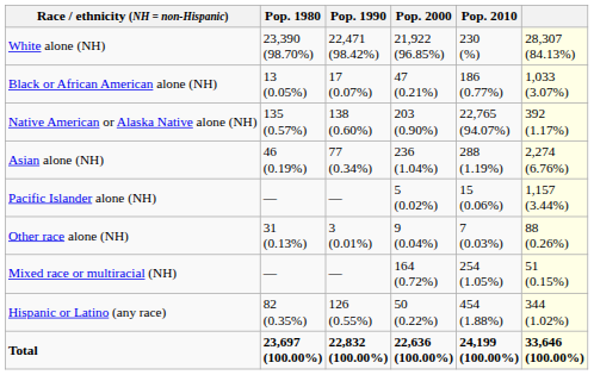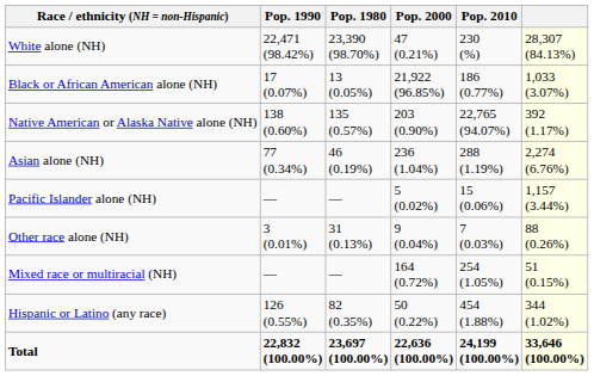 <table class="wikitable sortable collapsible" style="font-size: 95%;">
 <tr>
 <th>Race / ethnicity <small>(<em>NH = non-Hispanic</em>)</small></th>
+<th>Pop. 1990</th>
 <th>Pop. 1980</th>
-<th>Pop. 1990</th>
 <th>Pop. 2000</th>
 <th>Pop. 2010</th>
 <th></th>
 </tr>
 <tr>
 <td><a href='#'>White</a> alone (NH)</td>
+<td>22,471<br>(98.42%)</td>
 <td>23,390<br>(98.70%)</td>
-<td>22,471<br>(98.42%)</td>
-<td>21,922<br>(96.85%)</td>
+<td>47<br>(0.21%)</td>
 <td>230<br>(%)</td>
 <td style='background: #ffffe6;'>28,307<br>(84.13%)</td>
 </tr>
 <tr>
 <td><a href='#'>Black or African American</a> alone (NH)</td>
+<td>17<br>(0.07%)</td>
 <td>13<br>(0.05%)</td>
-<td>17<br>(0.07%)</td>
-<td>47<br>(0.21%)</td>
+<td>21,922<br>(96.85%)</td>
 <td>186<br>(0.77%)</td>
 <td style='background: #ffffe6;'>1,033<br>(3.07%)</td>
 </tr>
 <tr>
 <td><a href='#'>Native American</a> or <a href='#'>Alaska Native</a> alone (NH)</td>
+<td>138<br>(0.60%)</td>
 <td>135<br>(0.57%)</td>
-<td>138<br>(0.60%)</td>
 <td>203<br>(0.90%)</td>
 <td>22,765<br>(94.07%)</td>
 <td style='background: #ffffe6;'>392<br>(1.17%)</td>
 </tr>
 <tr>
 <td><a href='#'>Asian</a> alone (NH)</td>
+<td>77<br>(0.34%)</td>
 <td>46<br>(0.19%)</td>
-<td>77<br>(0.34%)</td>
 <td>236<br>(1.04%)</td>
 <td>288<br>(1.19%)</td>
 <td style='background: #ffffe6;'>2,274<br>(6.76%)</td>
 </tr>
 <tr>
 <td><a href='#'>Pacific Islander</a> alone (NH)</td>
 <td>—</td>
 <td>—</td>
 <td>5<br>(0.02%)</td>
 <td>15<br>(0.06%)</td>
 <td style='background: #ffffe6;'>1,157<br>(3.44%)</td>
 </tr>
 <tr>
 <td><a href='#'>Other race</a> alone (NH)</td>
+<td>3<br>(0.01%)</td>
 <td>31<br>(0.13%)</td>
-<td>3<br>(0.01%)</td>
 <td>9<br>(0.04%)</td>
 <td>7<br>(0.03%)</td>
 <td style='background: #ffffe6;'>88<br>(0.26%)</td>
 </tr>
 <tr>
 <td><a href='#'>Mixed race or multiracial</a> (NH)</td>
 <td>—</td>
 <td>—</td>
 <td>164<br>(0.72%)</td>
 <td>254<br>(1.05%)</td>
 <td style='background: #ffffe6;'>51<br>(0.15%)</td>
 </tr>
 <tr>
 <td><a href='#'>Hispanic or Latino</a> (any race)</td>
+<td>126<br>(0.55%)</td>
 <td>82<br>(0.35%)</td>
-<td>126<br>(0.55%)</td>
 <td>50<br>(0.22%)</td>
 <td>454<br>(1.88%)</td>
 <td style='background: #ffffe6;'>344<br>(1.02%)</td>
 </tr>
 <tr>
 <td><strong>Total</strong></td>
+<td><strong>22,832<br>(100.00%)</strong></td>
 <td><strong>23,697<br>(100.00%)</strong></td>
-<td><strong>22,832<br>(100.00%)</strong></td>
 <td><strong>22,636<br>(100.00%)</strong></td>
 <td><strong>24,199<br>(100.00%)</strong></td>
 <td style='background: #ffffe6;'><strong>33,646<br>(100.00%)</strong></td>
 </tr>
 </table>
